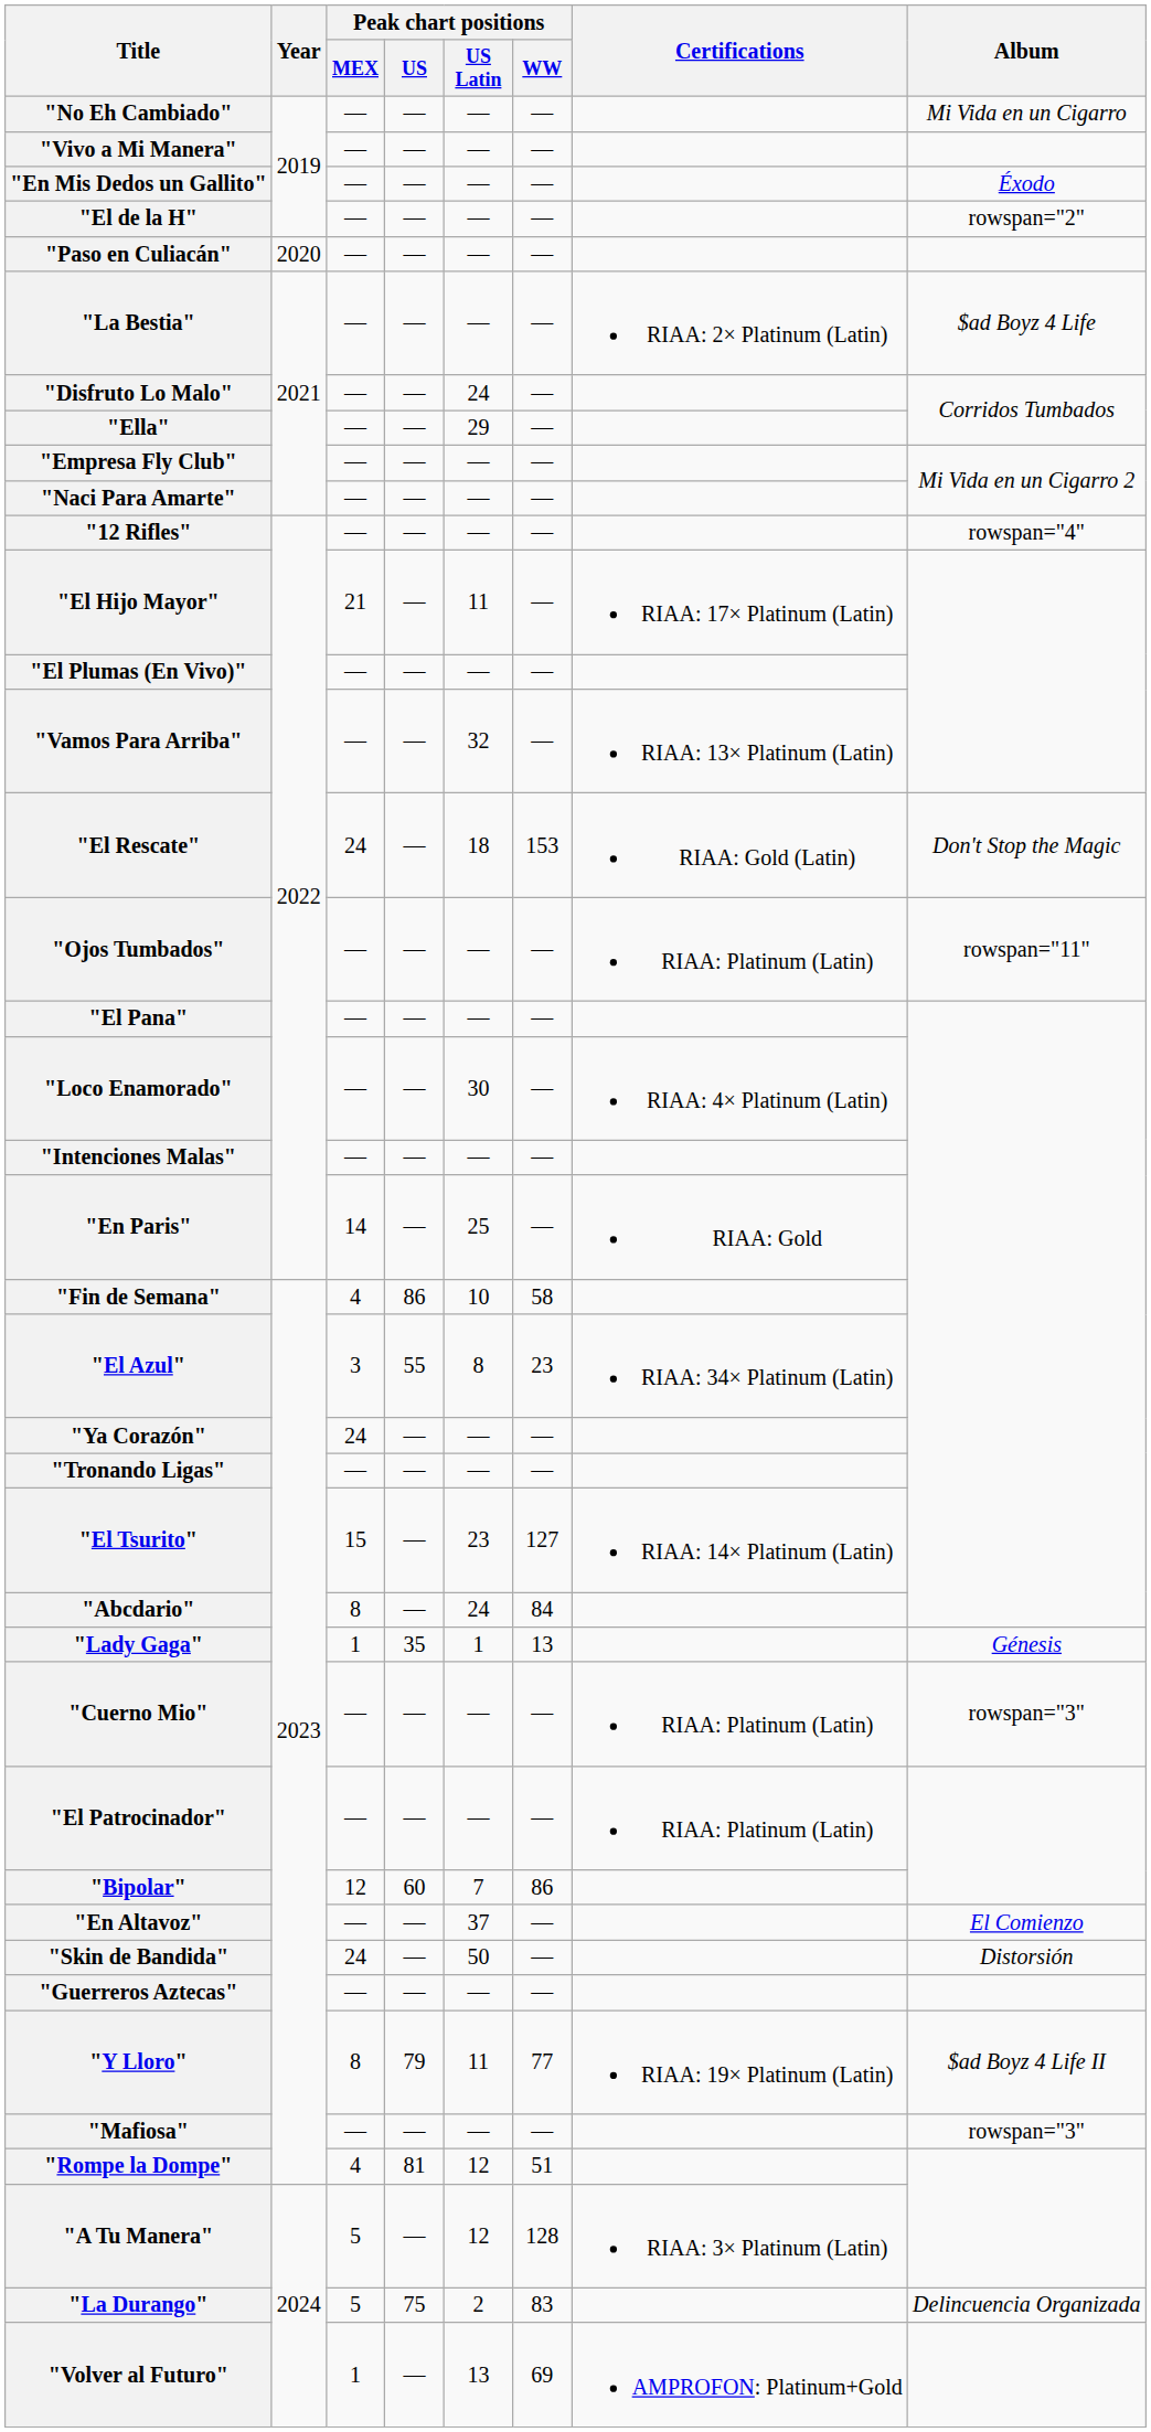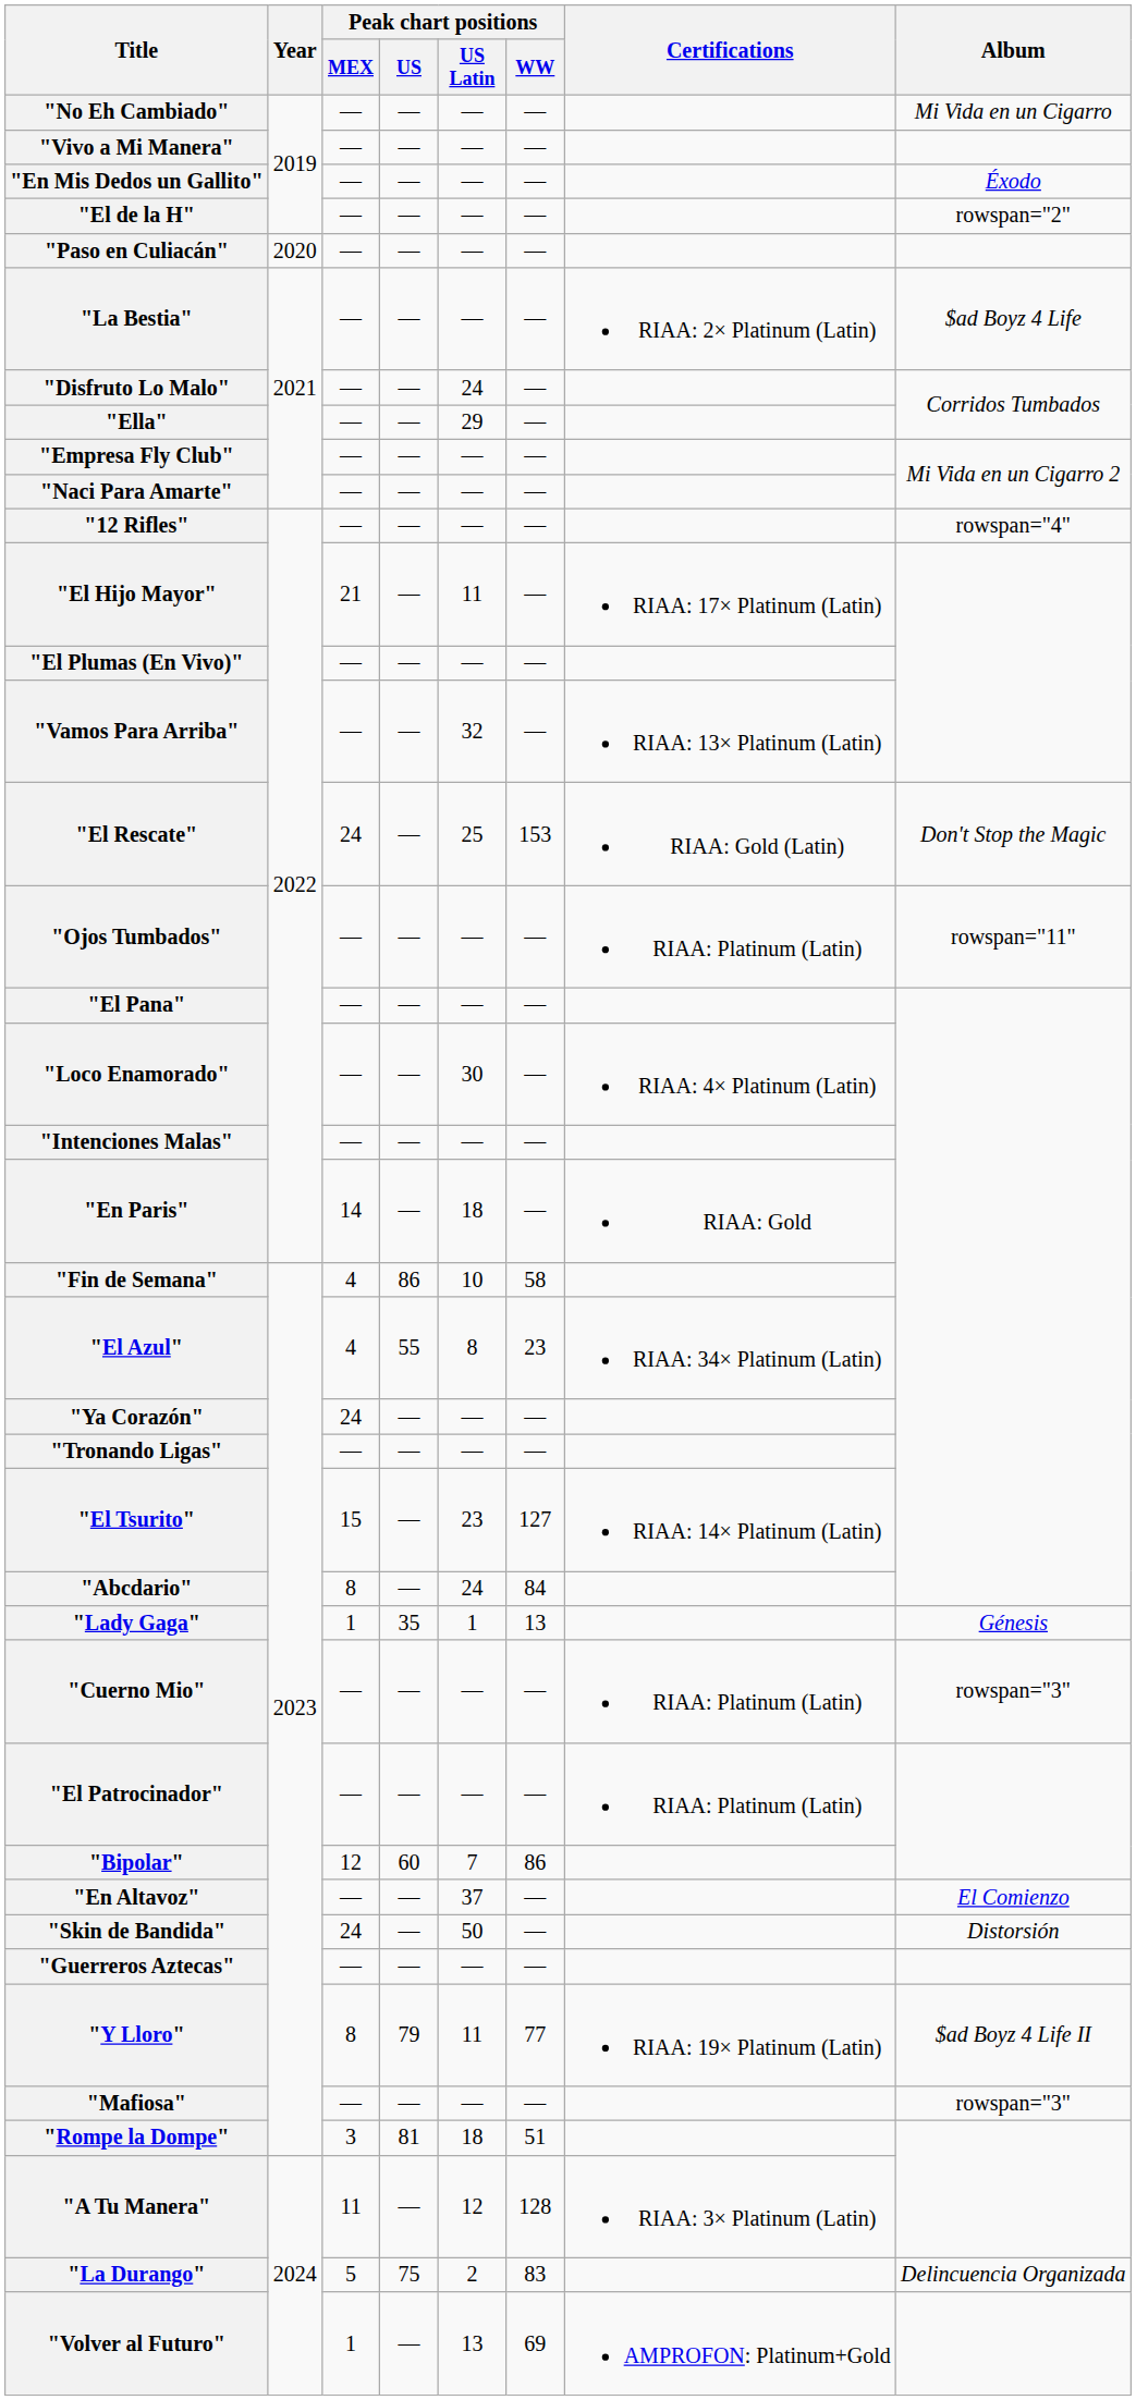 <table class="wikitable plainrowheaders" style="text-align:center;">
 <tr>
 <th scope="col" rowspan="2">Title</th>
 <th scope="col" rowspan="2">Year</th>
 <th scope="col" colspan="4">Peak chart positions</th>
 <th scope="col" rowspan="2"><a href='#'>Certifications</a></th>
 <th scope="col" rowspan="2">Album</th>
 </tr>
 <tr>
 <th scope="col" style="width:2.5em;font-size:90%;"><a href='#'>MEX</a><br></th>
 <th scope="col" style="width:2.5em;font-size:90%;"><a href='#'>US</a><br></th>
 <th scope="col" style="width:3em; font-size:90%;"><a href='#'>US<br>Latin</a><br></th>
 <th scope="col" style="width:2.5em;font-size:90%;"><a href='#'>WW</a><br></th>
 </tr>
 <tr>
 <th scope="row">"No Eh Cambiado"</th>
 <td rowspan="4">2019</td>
 <td>—</td>
 <td>—</td>
 <td>—</td>
 <td>—</td>
 <td></td>
 <td><em>Mi Vida en un Cigarro</em></td>
 </tr>
 <tr>
 <th scope="row">"Vivo a Mi Manera"</th>
 <td>—</td>
 <td>—</td>
 <td>—</td>
 <td>—</td>
 <td></td>
 <td></td>
 </tr>
 <tr>
 <th scope="row">"En Mis Dedos un Gallito"</th>
 <td>—</td>
 <td>—</td>
 <td>—</td>
 <td>—</td>
 <td></td>
 <td><em><a href='#'>Éxodo</a></em></td>
 </tr>
 <tr>
 <th scope="row">"El de la H"</th>
 <td>—</td>
 <td>—</td>
 <td>—</td>
 <td>—</td>
 <td></td>
 <td>rowspan="2" </td>
 </tr>
 <tr>
 <th scope="row">"Paso en Culiacán"<br></th>
 <td>2020</td>
 <td>—</td>
 <td>—</td>
 <td>—</td>
 <td>—</td>
 <td></td>
 </tr>
 <tr>
 <th scope="row">"La Bestia"</th>
 <td rowspan="5">2021</td>
 <td>—</td>
 <td>—</td>
 <td>—</td>
 <td>—</td>
 <td><br><ul><li>RIAA: 2× Platinum (Latin)</li></ul></td>
 <td><em>$ad Boyz 4 Life</em></td>
 </tr>
 <tr>
 <th scope="row">"Disfruto Lo Malo"<br></th>
 <td>—</td>
 <td>—</td>
 <td>24</td>
 <td>—</td>
 <td></td>
 <td rowspan="2"><em>Corridos Tumbados</em></td>
 </tr>
 <tr>
 <th scope="row">"Ella"<br></th>
 <td>—</td>
 <td>—</td>
 <td>29</td>
 <td>—</td>
 <td></td>
 </tr>
 <tr>
 <th scope="row">"Empresa Fly Club"</th>
 <td>—</td>
 <td>—</td>
 <td>—</td>
 <td>—</td>
 <td></td>
 <td rowspan="2"><em>Mi Vida en un Cigarro 2</em></td>
 </tr>
 <tr>
 <th scope="row">"Naci Para Amarte"</th>
 <td>—</td>
 <td>—</td>
 <td>—</td>
 <td>—</td>
 <td></td>
 </tr>
 <tr>
 <th scope="row">"12 Rifles"</th>
 <td rowspan="10">2022</td>
 <td>—</td>
 <td>—</td>
 <td>—</td>
 <td>—</td>
 <td></td>
 <td>rowspan="4" </td>
 </tr>
 <tr>
 <th scope="row">"El Hijo Mayor"</th>
 <td>21</td>
 <td>—</td>
 <td>11</td>
 <td>—</td>
 <td><br><ul><li>RIAA: 17× Platinum (Latin)</li></ul></td>
 </tr>
 <tr>
 <th scope="row">"El Plumas (En Vivo)"</th>
 <td>—</td>
 <td>—</td>
 <td>—</td>
 <td>—</td>
 <td></td>
 </tr>
 <tr>
 <th scope="row">"Vamos Para Arriba"<br></th>
 <td>—</td>
 <td>—</td>
 <td>32</td>
 <td>—</td>
 <td><br><ul><li>RIAA: 13× Platinum (Latin)</li></ul></td>
 </tr>
 <tr>
 <th scope="row">"El Rescate"<br></th>
 <td>24</td>
 <td>—</td>
-<td>18</td>
+<td>25</td>
 <td>153</td>
 <td><br><ul><li>RIAA: Gold (Latin)</li></ul></td>
 <td><em>Don't Stop the Magic</em></td>
 </tr>
 <tr>
 <th scope="row">"Ojos Tumbados"<br></th>
 <td>—</td>
 <td>—</td>
 <td>—</td>
 <td>—</td>
 <td><br><ul><li>RIAA: Platinum (Latin)</li></ul></td>
 <td>rowspan="11" </td>
 </tr>
 <tr>
 <th scope="row">"El Pana"<br></th>
 <td>—</td>
 <td>—</td>
 <td>—</td>
 <td>—</td>
 <td></td>
 </tr>
 <tr>
 <th scope="row">"Loco Enamorado"<br></th>
 <td>—</td>
 <td>—</td>
 <td>30</td>
 <td>—</td>
 <td><br><ul><li>RIAA: 4× Platinum (Latin)</li></ul></td>
 </tr>
 <tr>
 <th scope="row">"Intenciones Malas"<br></th>
 <td>—</td>
 <td>—</td>
 <td>—</td>
 <td>—</td>
 <td></td>
 </tr>
 <tr>
 <th scope="row">"En Paris"<br></th>
 <td>14</td>
 <td>—</td>
-<td>25</td>
+<td>18</td>
 <td>—</td>
 <td><br><ul><li>RIAA: Gold</li></ul></td>
 </tr>
 <tr>
 <th scope="row">"Fin de Semana"<br></th>
 <td rowspan="16">2023</td>
 <td>4</td>
 <td>86</td>
 <td>10</td>
 <td>58</td>
 <td></td>
 </tr>
 <tr>
 <th scope="row">"<a href='#'>El Azul</a>"<br></th>
-<td>3</td>
+<td>4</td>
 <td>55</td>
 <td>8</td>
 <td>23</td>
 <td><br><ul><li>RIAA: 34× Platinum (Latin)</li></ul></td>
 </tr>
 <tr>
 <th scope="row">"Ya Corazón"<br></th>
 <td>24</td>
 <td>—</td>
 <td>—</td>
 <td>—</td>
 <td></td>
 </tr>
 <tr>
 <th scope="row">"Tronando Ligas"<br></th>
 <td>—</td>
 <td>—</td>
 <td>—</td>
 <td>—</td>
 <td></td>
 </tr>
 <tr>
 <th scope="row">"<a href='#'>El Tsurito</a>"<br></th>
 <td>15</td>
 <td>—</td>
 <td>23</td>
 <td>127</td>
 <td><br><ul><li>RIAA: 14× Platinum (Latin)</li></ul></td>
 </tr>
 <tr>
 <th scope="row">"Abcdario"<br></th>
 <td>8</td>
 <td>—</td>
 <td>24</td>
 <td>84</td>
 <td></td>
 </tr>
 <tr>
 <th scope="row">"<a href='#'>Lady Gaga</a>"<br></th>
 <td>1</td>
 <td>35</td>
 <td>1</td>
 <td>13</td>
 <td></td>
 <td><em><a href='#'>Génesis</a></em></td>
 </tr>
 <tr>
 <th scope="row">"Cuerno Mio"<br></th>
 <td>—</td>
 <td>—</td>
 <td>—</td>
 <td>—</td>
 <td><br><ul><li>RIAA: Platinum (Latin)</li></ul></td>
 <td>rowspan="3" </td>
 </tr>
 <tr>
 <th scope="row">"El Patrocinador"<br></th>
 <td>—</td>
 <td>—</td>
 <td>—</td>
 <td>—</td>
 <td><br><ul><li>RIAA: Platinum (Latin)</li></ul></td>
 </tr>
 <tr>
 <th scope="row">"<a href='#'>Bipolar</a>"<br></th>
 <td>12</td>
 <td>60</td>
 <td>7</td>
 <td>86</td>
 <td></td>
 </tr>
 <tr>
 <th scope="row">"En Altavoz"<br></th>
 <td>—</td>
 <td>—</td>
 <td>37</td>
 <td>—</td>
 <td></td>
 <td><em><a href='#'>El Comienzo</a></em></td>
 </tr>
 <tr>
 <th scope="row">"Skin de Bandida"<br></th>
 <td>24</td>
 <td>—</td>
 <td>50</td>
 <td>—</td>
 <td></td>
 <td><em>Distorsión</em></td>
 </tr>
 <tr>
 <th scope="row">"Guerreros Aztecas"</th>
 <td>—</td>
 <td>—</td>
 <td>—</td>
 <td>—</td>
 <td></td>
 <td></td>
 </tr>
 <tr>
 <th scope="row">"<a href='#'>Y Lloro</a>"</th>
 <td>8</td>
 <td>79</td>
 <td>11</td>
 <td>77</td>
 <td><br><ul><li>RIAA: 19× Platinum (Latin)</li></ul></td>
 <td><em>$ad Boyz 4 Life II</em></td>
 </tr>
 <tr>
 <th scope="row">"Mafiosa"<br></th>
 <td>—</td>
 <td>—</td>
 <td>—</td>
 <td>—</td>
 <td></td>
 <td>rowspan="3" </td>
 </tr>
 <tr>
 <th scope="row">"<a href='#'>Rompe la Dompe</a>"<br></th>
-<td>4</td>
+<td>3</td>
 <td>81</td>
-<td>12</td>
+<td>18</td>
 <td>51</td>
 <td></td>
 </tr>
 <tr>
 <th scope="row">"A Tu Manera"<br></th>
 <td rowspan="3">2024</td>
-<td>5</td>
+<td>11</td>
 <td>—</td>
 <td>12</td>
 <td>128</td>
 <td><br><ul><li>RIAA: 3× Platinum (Latin)</li></ul></td>
 </tr>
 <tr>
 <th scope="row">"<a href='#'>La Durango</a>"<br></th>
 <td>5</td>
 <td>75</td>
 <td>2</td>
 <td>83</td>
 <td></td>
 <td><em>Delincuencia Organizada</em></td>
 </tr>
 <tr>
 <th scope="row">"Volver al Futuro"<br></th>
 <td>1</td>
 <td>—</td>
 <td>13</td>
 <td>69</td>
 <td><br><ul><li><a href='#'>AMPROFON</a>: Platinum+Gold</li></ul></td>
 <td></td>
 </tr>
 </table>
